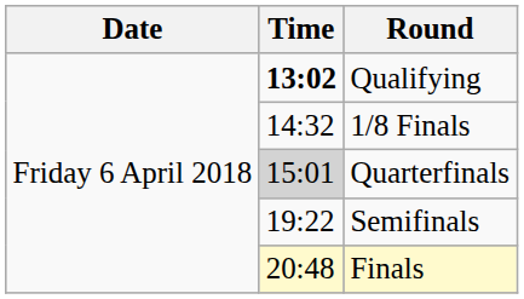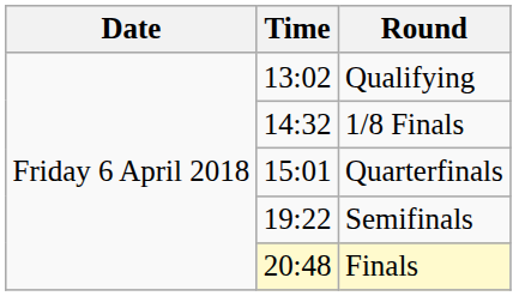 <table class="wikitable">
 <tr>
 <th>Date</th>
 <th>Time</th>
 <th>Round</th>
 </tr>
 <tr>
 <td rowspan=5>Friday 6 April 2018</td>
-<td><strong>13:02</strong></td>
+<td>13:02</td>
 <td>Qualifying</td>
 </tr>
 <tr>
 <td>14:32</td>
 <td>1/8 Finals</td>
 </tr>
 <tr>
-<td style="background: lightgrey;">15:01</td>
+<td>15:01</td>
 <td>Quarterfinals</td>
 </tr>
 <tr>
 <td>19:22</td>
 <td>Semifinals</td>
 </tr>
 <tr>
 <td style=background:lemonchiffon>20:48</td>
 <td style=background:lemonchiffon>Finals</td>
 </tr>
 </table>
